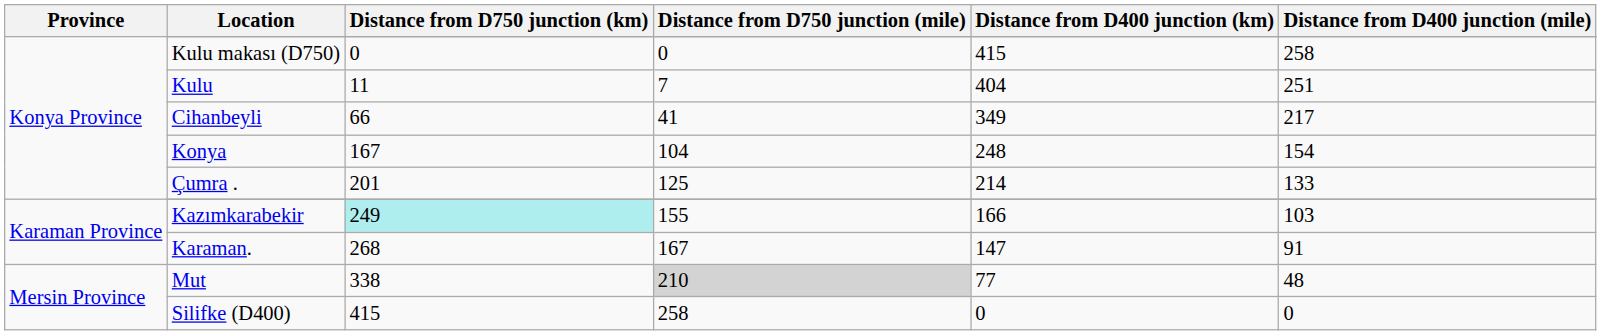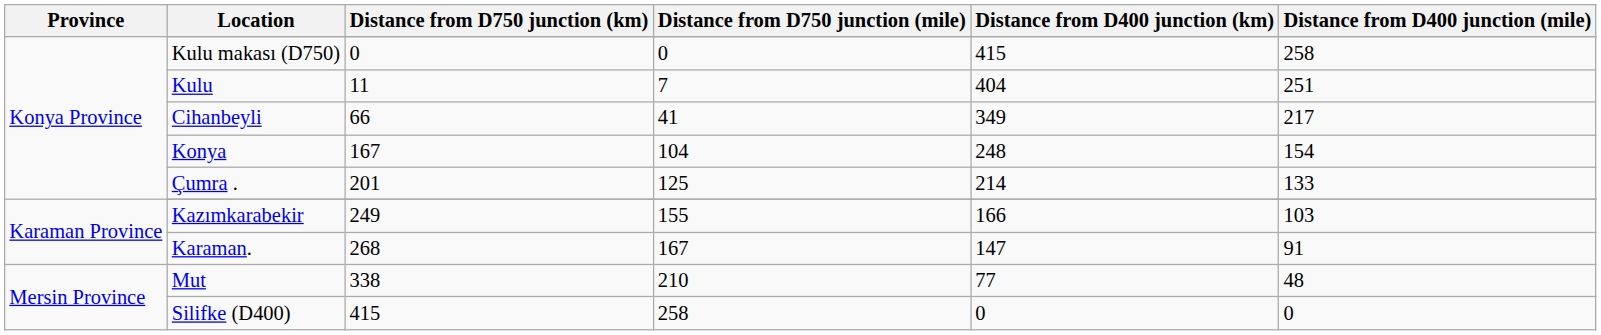 <table class="sortable wikitable">
 <tr>
 <th>Province</th>
 <th>Location</th>
 <th>Distance from D750 junction (km)</th>
 <th>Distance from D750 junction (mile)</th>
 <th>Distance from D400 junction (km)</th>
 <th>Distance from D400 junction (mile)</th>
 </tr>
 <tr>
 <td rowspan="6" style="text-align:left;"><a href='#'>Konya Province</a></td>
 </tr>
 <tr>
 <td>Kulu makası (D750)</td>
 <td>0</td>
 <td>0</td>
 <td>415</td>
 <td>258</td>
 </tr>
 <tr>
 <td><a href='#'>Kulu</a></td>
 <td>11</td>
 <td>7</td>
 <td>404</td>
 <td>251</td>
 </tr>
 <tr>
 <td><a href='#'>Cihanbeyli</a></td>
 <td>66</td>
 <td>41</td>
 <td>349</td>
 <td>217</td>
 </tr>
 <tr>
 <td><a href='#'>Konya</a></td>
 <td>167</td>
 <td>104</td>
 <td>248</td>
 <td>154</td>
 </tr>
 <tr>
 <td><a href='#'>Çumra</a> .</td>
 <td>201</td>
 <td>125</td>
 <td>214</td>
 <td>133</td>
 </tr>
 <tr>
 <td rowspan="3" style="text-align:left;"><a href='#'>Karaman Province</a></td>
 </tr>
 <tr>
 <td><a href='#'>Kazımkarabekir</a></td>
-<td style="background: paleturquoise;">249</td>
+<td>249</td>
 <td>155</td>
 <td>166</td>
 <td>103</td>
 </tr>
 <tr>
 <td><a href='#'>Karaman</a>.</td>
 <td>268</td>
 <td>167</td>
 <td>147</td>
 <td>91</td>
 </tr>
 <tr>
 <td rowspan="3" style="text-align:left;"><a href='#'>Mersin Province</a></td>
 <td><a href='#'>Mut</a></td>
 <td>338</td>
-<td style="background: lightgrey;">210</td>
+<td>210</td>
 <td>77</td>
 <td>48</td>
 </tr>
 <tr>
 <td><a href='#'>Silifke</a> (D400)</td>
 <td>415</td>
 <td>258</td>
 <td>0</td>
 <td>0</td>
 </tr>
 </table>
